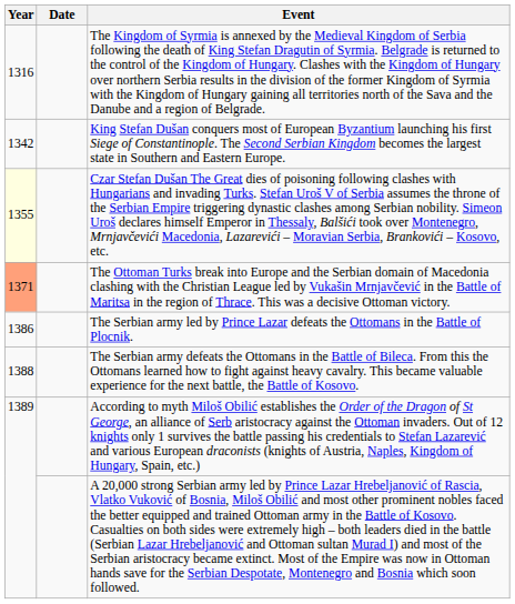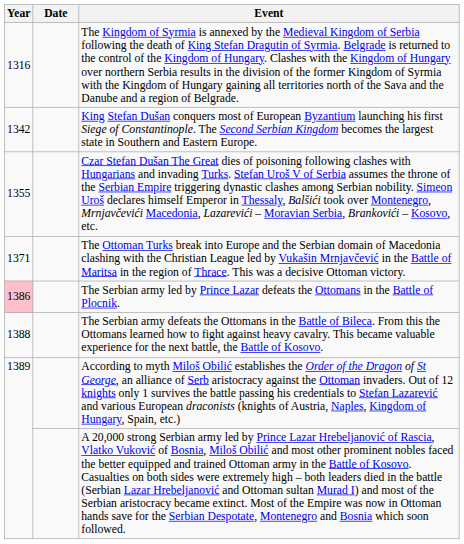 <table class="wikitable" width="100%">
 <tr>
 <th style="width:6%">Year</th>
 <th style="width:10%">Date</th>
 <th>Event</th>
 </tr>
 <tr>
 <td>1316</td>
 <td></td>
 <td>The <a href='#'>Kingdom of Syrmia</a> is annexed by the <a href='#'>Medieval Kingdom of Serbia</a> following the death of <a href='#'>King Stefan Dragutin of Syrmia</a>. <a href='#'>Belgrade</a> is returned to the control of the <a href='#'>Kingdom of Hungary</a>. Clashes with the <a href='#'>Kingdom of Hungary</a> over northern Serbia results in the division of the former Kingdom of Syrmia with the Kingdom of Hungary gaining all territories north of the Sava and the Danube and a region of Belgrade.</td>
 </tr>
 <tr>
 <td>1342</td>
 <td></td>
 <td><a href='#'>King</a> <a href='#'>Stefan Dušan</a> conquers most of European <a href='#'>Byzantium</a> launching his first <em>Siege of Constantinople</em>. The <em><a href='#'>Second Serbian Kingdom</a></em> becomes the largest state in Southern and Eastern Europe.</td>
 </tr>
 <tr>
-<td style="background: lightyellow;">1355</td>
+<td>1355</td>
 <td></td>
 <td><a href='#'>Czar Stefan Dušan The Great</a> dies of poisoning following clashes with <a href='#'>Hungarians</a> and invading <a href='#'>Turks</a>. <a href='#'>Stefan Uroš V of Serbia</a> assumes the throne of the <a href='#'>Serbian Empire</a> triggering dynastic clashes among Serbian nobility. <a href='#'>Simeon Uroš</a> declares himself Emperor in <a href='#'>Thessaly</a>, <em>Balšići</em> took over <a href='#'>Montenegro</a>, <em>Mrnjavčevići</em> <a href='#'>Macedonia</a>, <em>Lazarevići</em> – <a href='#'>Moravian Serbia</a>, <em>Brankovići</em> – <a href='#'>Kosovo</a>, etc.</td>
 </tr>
 <tr>
-<td style="background: lightsalmon;">1371</td>
+<td>1371</td>
 <td></td>
 <td>The <a href='#'>Ottoman Turks</a> break into Europe and the Serbian domain of Macedonia clashing with the Christian League led by <a href='#'>Vukašin Mrnjavčević</a> in the <a href='#'>Battle of Maritsa</a> in the region of <a href='#'>Thrace</a>. This was a decisive Ottoman victory.</td>
 </tr>
 <tr>
-<td>1386</td>
+<td style="background: pink;">1386</td>
 <td></td>
 <td>The Serbian army led by <a href='#'>Prince Lazar</a> defeats the <a href='#'>Ottomans</a> in the <a href='#'>Battle of Plocnik</a>.</td>
 </tr>
 <tr>
 <td>1388</td>
 <td></td>
 <td>The Serbian army defeats the Ottomans in the <a href='#'>Battle of Bileca</a>. From this the Ottomans learned how to fight against heavy cavalry. This became valuable experience for the next battle, the <a href='#'>Battle of Kosovo</a>.</td>
 </tr>
 <tr>
 <td rowspan="2" valign="top">1389</td>
 <td></td>
 <td>According to myth <a href='#'>Miloš Obilić</a> establishes the <em><a href='#'>Order of the Dragon</a> of <a href='#'>St George</a></em>, an alliance of <a href='#'>Serb</a> aristocracy against the <a href='#'>Ottoman</a> invaders. Out of 12 <a href='#'>knights</a> only 1 survives the battle passing his credentials to <a href='#'>Stefan Lazarević</a> and various European <em>draconists</em> (knights of Austria, <a href='#'>Naples</a>, <a href='#'>Kingdom of Hungary</a>, Spain, etc.)</td>
 </tr>
 <tr>
 <td></td>
 <td>A 20,000 strong Serbian army led by <a href='#'>Prince Lazar Hrebeljanović of Rascia</a>, <a href='#'>Vlatko Vuković</a> of <a href='#'>Bosnia</a>, <a href='#'>Miloš Obilić</a> and most other prominent nobles faced the better equipped and trained Ottoman army in the <a href='#'>Battle of Kosovo</a>. Casualties on both sides were extremely high – both leaders died in the battle (Serbian <a href='#'>Lazar Hrebeljanović</a> and Ottoman sultan <a href='#'>Murad I</a>) and most of the Serbian aristocracy became extinct. Most of the Empire was now in Ottoman hands save for the <a href='#'>Serbian Despotate</a>, <a href='#'>Montenegro</a> and <a href='#'>Bosnia</a> which soon followed.</td>
 </tr>
 </table>
